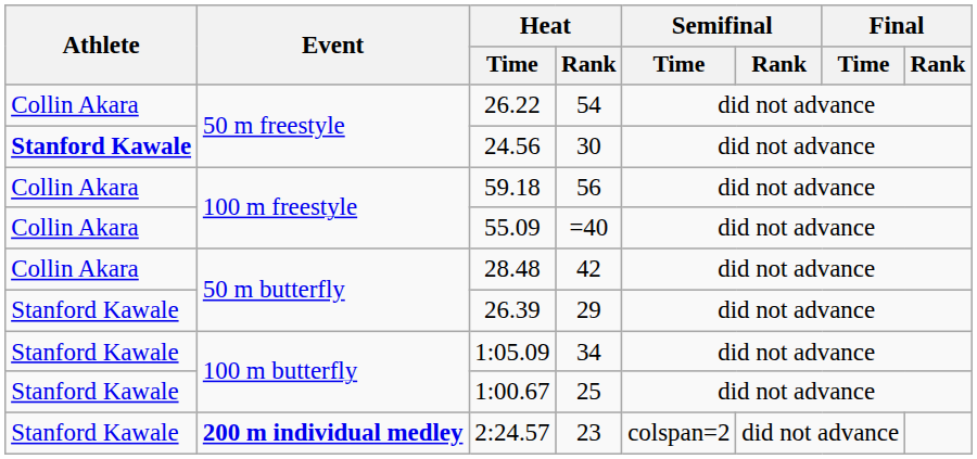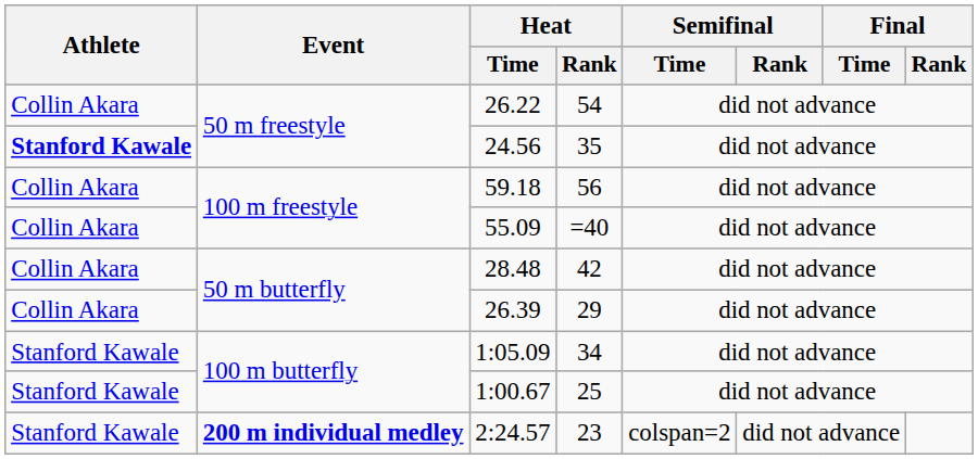 <table class=wikitable style=font-size:90%>
 <tr>
 <th rowspan=2>Athlete</th>
 <th rowspan=2>Event</th>
 <th colspan=2>Heat</th>
 <th colspan=2>Semifinal</th>
 <th colspan=2>Final</th>
 </tr>
 <tr style=font-size:95%>
 <th>Time</th>
 <th>Rank</th>
 <th>Time</th>
 <th>Rank</th>
 <th>Time</th>
 <th>Rank</th>
 </tr>
 <tr align=center>
 <td align=left><a href='#'>Collin Akara</a></td>
 <td align=left rowspan=2><a href='#'>50 m freestyle</a></td>
 <td>26.22</td>
 <td>54</td>
 <td colspan=4>did not advance</td>
 </tr>
 <tr align=center>
 <td align=left><strong><a href='#'>Stanford Kawale</a></strong></td>
 <td>24.56</td>
-<td>30</td>
+<td>35</td>
 <td colspan=4>did not advance</td>
 </tr>
 <tr align=center>
 <td align=left><a href='#'>Collin Akara</a></td>
 <td align=left rowspan=2><a href='#'>100 m freestyle</a></td>
 <td>59.18</td>
 <td>56</td>
 <td colspan=4>did not advance</td>
 </tr>
 <tr align=center>
 <td align=left><a href='#'>Collin Akara</a></td>
 <td>55.09</td>
 <td>=40</td>
 <td colspan=4>did not advance</td>
 </tr>
 <tr align=center>
 <td align=left><a href='#'>Collin Akara</a></td>
 <td align=left rowspan=2><a href='#'>50 m butterfly</a></td>
 <td>28.48</td>
 <td>42</td>
 <td colspan=4>did not advance</td>
 </tr>
 <tr align=center>
-<td align=left><a href='#'>Stanford Kawale</a></td>
+<td align=left><a href='#'>Collin Akara</a></td>
 <td>26.39</td>
 <td>29</td>
 <td colspan=4>did not advance</td>
 </tr>
 <tr align=center>
 <td align=left><a href='#'>Stanford Kawale</a></td>
 <td align=left rowspan=2><a href='#'>100 m butterfly</a></td>
 <td>1:05.09</td>
 <td>34</td>
 <td colspan=4>did not advance</td>
 </tr>
 <tr align=center>
 <td align=left><a href='#'>Stanford Kawale</a></td>
 <td>1:00.67</td>
 <td>25</td>
 <td colspan=4>did not advance</td>
 </tr>
 <tr align=center>
 <td align=left><a href='#'>Stanford Kawale</a></td>
 <td align=left><strong><a href='#'>200 m individual medley</a></strong></td>
 <td>2:24.57</td>
 <td>23</td>
 <td>colspan=2 </td>
 <td colspan=2>did not advance</td>
 </tr>
 </table>
